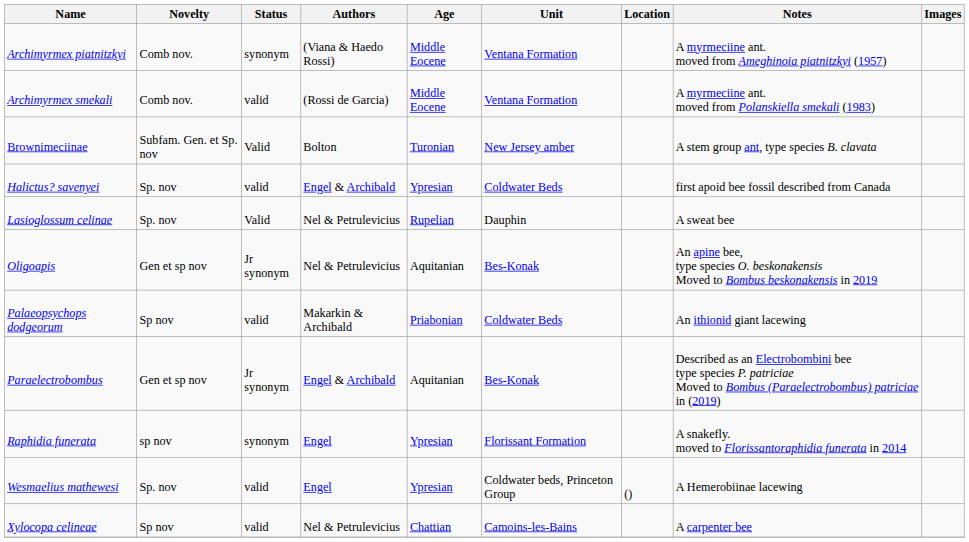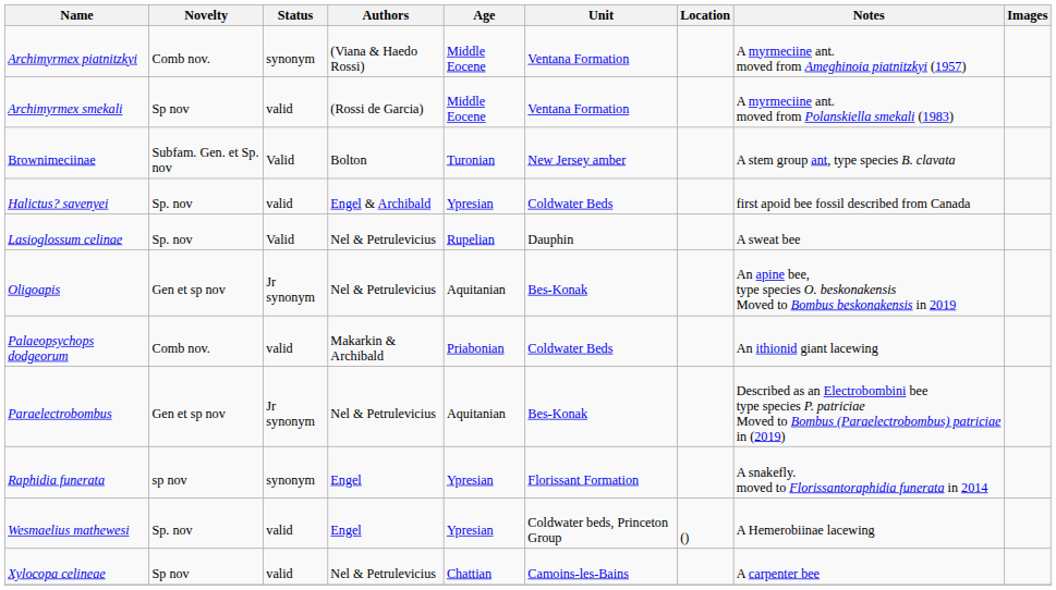 <table class="wikitable sortable" align="center" width="100%">
 <tr>
 <th>Name</th>
 <th>Novelty</th>
 <th>Status</th>
 <th>Authors</th>
 <th>Age</th>
 <th>Unit</th>
 <th>Location</th>
 <th>Notes</th>
 <th>Images</th>
 </tr>
 <tr>
 <td><br><em><a href='#'>Archimyrmex piatnitzkyi</a></em></td>
 <td><br>Comb nov.</td>
 <td><br>synonym</td>
 <td><br>(Viana & Haedo Rossi)</td>
 <td><br><a href='#'>Middle Eocene</a></td>
 <td><br><a href='#'>Ventana Formation</a></td>
 <td><br></td>
 <td><br>A <a href='#'>myrmeciine</a> ant.<br>moved from <em><a href='#'>Ameghinoia piatnitzkyi</a></em> (<a href='#'>1957</a>)</td>
 <td><br></td>
 </tr>
 <tr>
 <td><br><em><a href='#'>Archimyrmex smekali</a></em></td>
-<td><br>Comb nov.</td>
+<td><br>Sp nov</td>
 <td><br>valid</td>
 <td><br>(Rossi de Garcia)</td>
 <td><br><a href='#'>Middle Eocene</a></td>
 <td><br><a href='#'>Ventana Formation</a></td>
 <td><br></td>
 <td><br>A <a href='#'>myrmeciine</a> ant.<br>moved from <em><a href='#'>Polanskiella smekali</a></em> (<a href='#'>1983</a>)</td>
 <td></td>
 </tr>
 <tr>
 <td><br><a href='#'>Brownimeciinae</a></td>
 <td><br>Subfam. Gen. et Sp. nov</td>
 <td><br>Valid</td>
 <td><br>Bolton</td>
 <td><br><a href='#'>Turonian</a></td>
 <td><br><a href='#'>New Jersey amber</a></td>
 <td><br><br></td>
 <td><br>A stem group <a href='#'>ant</a>, type species <em>B. clavata</em></td>
 <td><br></td>
 </tr>
 <tr>
 <td><br><em><a href='#'>Halictus? savenyei</a></em></td>
 <td><br>Sp. nov</td>
 <td><br>valid</td>
 <td><br><a href='#'>Engel</a> & <a href='#'>Archibald</a></td>
 <td><br><a href='#'>Ypresian</a></td>
 <td><br><a href='#'>Coldwater Beds</a></td>
 <td><br><br> </td>
 <td><br>first apoid bee fossil described from Canada</td>
 <td></td>
 </tr>
 <tr>
 <td><br><em><a href='#'>Lasioglossum celinae</a></em></td>
 <td><br>Sp. nov</td>
 <td><br>Valid</td>
 <td><br>Nel & Petrulevicius</td>
 <td><br><a href='#'>Rupelian</a></td>
 <td><br>Dauphin</td>
 <td><br></td>
 <td><br>A sweat bee</td>
 <td><br></td>
 </tr>
 <tr>
 <td><br><em><a href='#'>Oligoapis</a></em></td>
 <td><br>Gen et sp nov</td>
 <td><br>Jr synonym</td>
 <td><br>Nel & Petrulevicius</td>
 <td><br>Aquitanian</td>
 <td><br><a href='#'>Bes-Konak</a></td>
 <td><br></td>
 <td><br>An <a href='#'>apine</a> bee,<br> type species <em>O. beskonakensis</em><br> Moved to <em><a href='#'>Bombus beskonakensis</a></em> in <a href='#'>2019</a></td>
 <td><br></td>
 </tr>
 <tr>
 <td><br><em><a href='#'>Palaeopsychops dodgeorum</a></em></td>
-<td><br>Sp nov</td>
+<td><br>Comb nov.</td>
 <td><br>valid</td>
 <td><br>Makarkin & Archibald</td>
 <td><br><a href='#'>Priabonian</a></td>
 <td><br><a href='#'>Coldwater Beds</a></td>
 <td><br><br></td>
 <td><br>An <a href='#'>ithionid</a> giant lacewing</td>
 <td></td>
 </tr>
 <tr>
 <td><br><em><a href='#'>Paraelectrobombus</a></em></td>
 <td><br>Gen et sp nov</td>
 <td><br>Jr synonym</td>
-<td><br><a href='#'>Engel</a> & <a href='#'>Archibald</a></td>
+<td><br>Nel & Petrulevicius</td>
 <td><br>Aquitanian</td>
 <td><br><a href='#'>Bes-Konak</a></td>
 <td><br></td>
 <td><br>Described as an <a href='#'>Electrobombini</a> bee<br> type species <em>P. patriciae</em><br> Moved to <em><a href='#'>Bombus (Paraelectrobombus) patriciae</a></em> in (<a href='#'>2019</a>)</td>
 <td><br></td>
 </tr>
 <tr>
 <td><br><em><a href='#'>Raphidia funerata</a></em></td>
 <td><br>sp nov</td>
 <td><br>synonym</td>
 <td><br><a href='#'>Engel</a></td>
 <td><br><a href='#'>Ypresian</a></td>
 <td><br><a href='#'>Florissant Formation</a></td>
 <td><br><br> </td>
 <td><br>A snakefly. <br>moved to <em><a href='#'>Florissantoraphidia funerata</a></em> in <a href='#'>2014</a></td>
 <td></td>
 </tr>
 <tr>
 <td><br><em><a href='#'>Wesmaelius mathewesi</a></em></td>
 <td><br>Sp. nov</td>
 <td><br>valid</td>
 <td><br><a href='#'>Engel</a></td>
 <td><br><a href='#'>Ypresian</a></td>
 <td><br>Coldwater beds, Princeton Group</td>
 <td><br><br>()</td>
 <td><br>A Hemerobiinae lacewing</td>
 <td></td>
 </tr>
 <tr>
 <td><br><em><a href='#'>Xylocopa celineae</a></em></td>
 <td><br>Sp nov</td>
 <td><br>valid</td>
 <td><br>Nel & Petrulevicius</td>
 <td><br><a href='#'>Chattian</a></td>
 <td><br><a href='#'>Camoins-les-Bains</a></td>
 <td><br></td>
 <td><br>A <a href='#'>carpenter bee</a></td>
 <td><br></td>
 </tr>
 <tr>
 </tr>
 </table>
